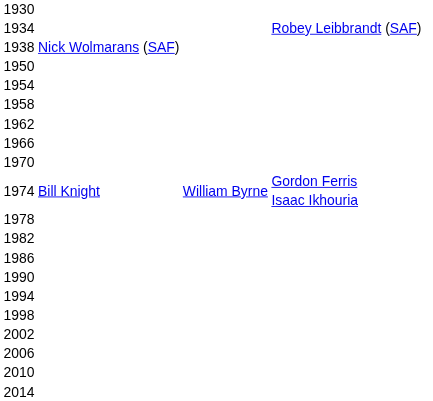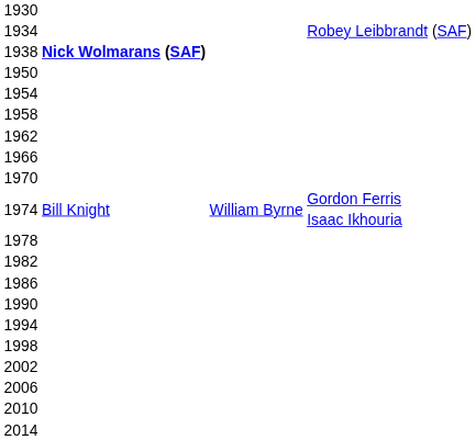 <table>
 <tr>
 <td>1930</td>
 <td></td>
 <td></td>
 <td></td>
 </tr>
 <tr>
 <td>1934</td>
 <td></td>
 <td></td>
 <td> <a href='#'>Robey Leibbrandt</a> <span>(<a href='#'>SAF</a>)</span></td>
 </tr>
 <tr>
 <td>1938</td>
-<td> <a href='#'>Nick Wolmarans</a> <span>(<a href='#'>SAF</a>)</span></td>
+<td><strong> <a href='#'>Nick Wolmarans</a> <span>(<a href='#'>SAF</a>)</span></strong></td>
 <td></td>
 <td></td>
 </tr>
 <tr>
 <td>1950</td>
 <td></td>
 <td></td>
 <td></td>
 </tr>
 <tr>
 <td>1954</td>
 <td></td>
 <td></td>
 <td></td>
 </tr>
 <tr>
 <td rowspan=2>1958</td>
 <td rowspan=2></td>
 <td rowspan=2></td>
 <td></td>
 </tr>
 <tr>
 <td></td>
 </tr>
 <tr>
 <td rowspan=2>1962</td>
 <td rowspan=2></td>
 <td rowspan=2></td>
 <td></td>
 </tr>
 <tr>
 <td></td>
 </tr>
 <tr>
 <td>1966</td>
 <td></td>
 <td></td>
 <td><br></td>
 </tr>
 <tr>
 <td rowspan=2>1970</td>
 <td rowspan=2></td>
 <td rowspan=2></td>
 <td></td>
 </tr>
 <tr>
 <td></td>
 </tr>
 <tr>
 <td rowspan=2>1974</td>
 <td rowspan=2> <a href='#'>Bill Knight</a></td>
 <td rowspan=2> <a href='#'>William Byrne</a></td>
 <td> <a href='#'>Gordon Ferris</a></td>
 </tr>
 <tr>
 <td> <a href='#'>Isaac Ikhouria</a></td>
 </tr>
 <tr>
 <td rowspan=2>1978</td>
 <td rowspan=2></td>
 <td rowspan=2></td>
 <td></td>
 </tr>
 <tr>
 <td></td>
 </tr>
 <tr>
 <td rowspan=2>1982</td>
 <td rowspan=2></td>
 <td rowspan=2></td>
 <td></td>
 </tr>
 <tr>
 <td></td>
 </tr>
 <tr>
 <td>1986</td>
 <td></td>
 <td></td>
 <td></td>
 </tr>
 <tr>
 <td>1990</td>
 <td></td>
 <td></td>
 <td><br></td>
 </tr>
 <tr>
 <td>1994</td>
 <td></td>
 <td></td>
 <td><br></td>
 </tr>
 <tr>
 <td>1998</td>
 <td></td>
 <td></td>
 <td><br></td>
 </tr>
 <tr>
 <td rowspan=2>2002</td>
 <td rowspan=2></td>
 <td rowspan=2></td>
 <td></td>
 </tr>
 <tr>
 <td></td>
 </tr>
 <tr>
 <td rowspan=2>2006</td>
 <td rowspan=2></td>
 <td rowspan=2></td>
 <td></td>
 </tr>
 <tr>
 <td></td>
 </tr>
 <tr>
 <td rowspan=2>2010<br></td>
 <td rowspan=2></td>
 <td rowspan=2></td>
 <td></td>
 </tr>
 <tr>
 <td></td>
 </tr>
 <tr>
 <td rowspan=2>2014<br></td>
 <td rowspan=2></td>
 <td rowspan=2></td>
 <td></td>
 </tr>
 <tr>
 <td></td>
 </tr>
 </table>
